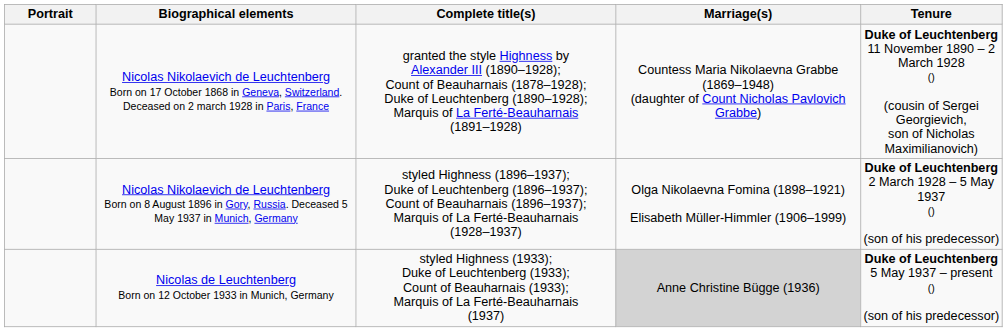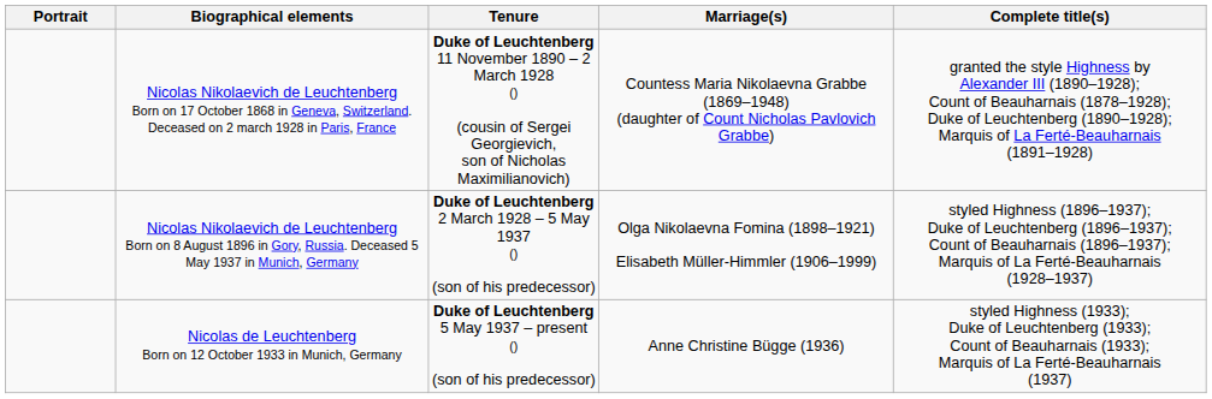 <table width=100% class="wikitable">
 <tr>
 <th width=6%>Portrait</th>
 <th width=17%>Biographical elements</th>
+<th width=8%>Tenure</th>
+<th width=16%>Marriage(s)</th>
 <th width=17%>Complete title(s)</th>
-<th width=16%>Marriage(s)</th>
-<th width=8%>Tenure</th>
 </tr>
 <tr>
 <td align="center"></td>
 <td align="center"><a href='#'>Nicolas Nikolaevich de Leuchtenberg</a> <br><small> Born on 17 October 1868 in <a href='#'>Geneva</a>, <a href='#'>Switzerland</a>. Deceased on 2 march 1928 in <a href='#'>Paris</a>, <a href='#'>France</a></small></td>
+<td align="center"><strong>Duke of Leuchtenberg</strong><br> 11 November 1890 – 2 March 1928 <br><small>()</small><br><br>(cousin of Sergei Georgievich,<br>son of Nicholas Maximilianovich)</td>
+<td align="center">Countess Maria Nikolaevna Grabbe (1869–1948)<br> (daughter of <a href='#'>Count Nicholas Pavlovich Grabbe</a>)</td>
 <td align="center">granted the style <a href='#'>Highness</a> by <br><a href='#'>Alexander III</a> (1890–1928);<br>Count of Beauharnais (1878–1928);<br>Duke of Leuchtenberg (1890–1928);<br>Marquis of <a href='#'>La Ferté-Beauharnais</a><br>(1891–1928)</td>
-<td align="center">Countess Maria Nikolaevna Grabbe (1869–1948)<br> (daughter of <a href='#'>Count Nicholas Pavlovich Grabbe</a>)</td>
-<td align="center"><strong>Duke of Leuchtenberg</strong><br> 11 November 1890 – 2 March 1928 <br><small>()</small><br><br>(cousin of Sergei Georgievich,<br>son of Nicholas Maximilianovich)</td>
 </tr>
 <tr>
 <td align="center"></td>
 <td align="center"><a href='#'>Nicolas Nikolaevich de Leuchtenberg</a><br><small>Born on 8 August 1896 in <a href='#'>Gory</a>, <a href='#'>Russia</a>. Deceased 5 May 1937 in <a href='#'>Munich</a>, <a href='#'>Germany</a></small></td>
+<td align="center"><strong>Duke of Leuchtenberg</strong><br> 2 March 1928 – 5 May 1937 <br><small>()</small><br><br>(son of his predecessor)</td>
+<td align="center">Olga Nikolaevna Fomina (1898–1921)<br><br>Elisabeth Müller-Himmler (1906–1999)</td>
 <td align="center">styled Highness (1896–1937);<br>Duke of Leuchtenberg (1896–1937);<br>Count of Beauharnais (1896–1937);<br>Marquis of La Ferté-Beauharnais<br>(1928–1937)</td>
-<td align="center">Olga Nikolaevna Fomina (1898–1921)<br><br>Elisabeth Müller-Himmler (1906–1999)</td>
-<td align="center"><strong>Duke of Leuchtenberg</strong><br> 2 March 1928 – 5 May 1937 <br><small>()</small><br><br>(son of his predecessor)</td>
 </tr>
 <tr>
 <td align="center"></td>
 <td align="center"><a href='#'>Nicolas de Leuchtenberg</a><br><small> Born on 12 October 1933 in Munich, Germany</small></td>
+<td align="center"><strong>Duke of Leuchtenberg</strong><br>5 May 1937 – present<br><small>()</small><br><br>(son of his predecessor)</td>
+<td align="center">Anne Christine Bügge (1936)</td>
 <td align="center">styled Highness (1933);<br>Duke of Leuchtenberg (1933);<br>Count of Beauharnais (1933);<br>Marquis of La Ferté-Beauharnais<br>(1937)</td>
-<td align="center" style="background: lightgrey;">Anne Christine Bügge (1936)</td>
-<td align="center"><strong>Duke of Leuchtenberg</strong><br>5 May 1937 – present<br><small>()</small><br><br>(son of his predecessor)</td>
 </tr>
 </table>
